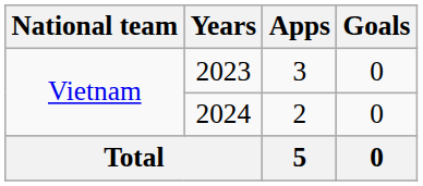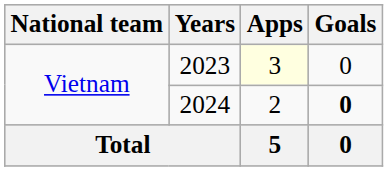 <table class=wikitable style="text-align: center;">
 <tr>
 <th>National team</th>
 <th>Years</th>
 <th>Apps</th>
 <th>Goals</th>
 </tr>
 <tr>
 <td rowspan=2><a href='#'>Vietnam</a></td>
 <td>2023</td>
-<td>3</td>
+<td style="background: lightyellow;">3</td>
 <td>0</td>
 </tr>
 <tr>
 <td>2024</td>
 <td>2</td>
-<td>0</td>
+<td><strong>0</strong></td>
 </tr>
 <tr>
 <th colspan=2>Total</th>
 <th>5</th>
 <th>0</th>
 </tr>
 </table>
